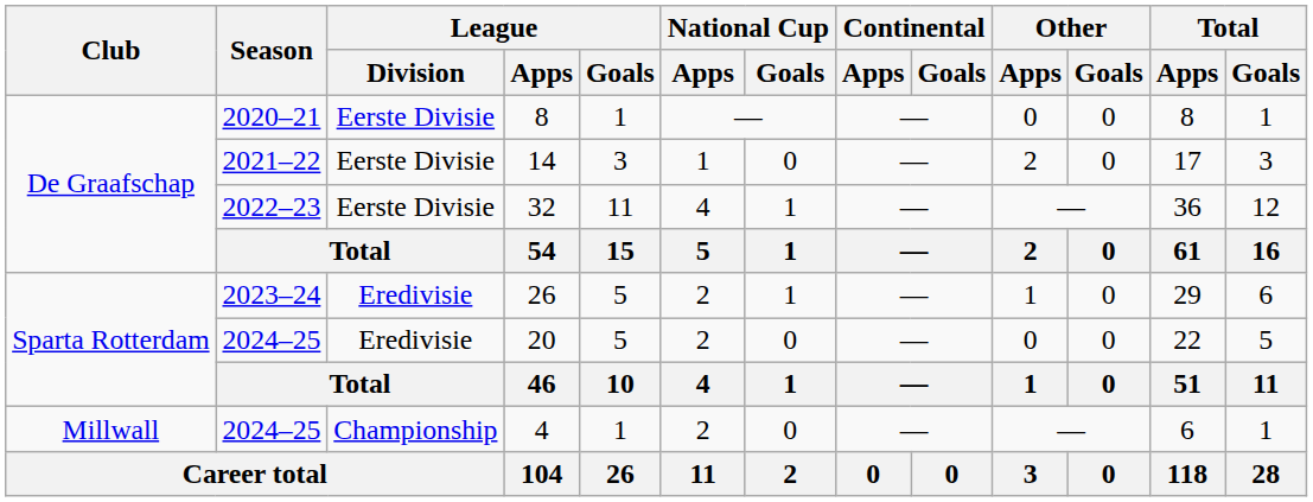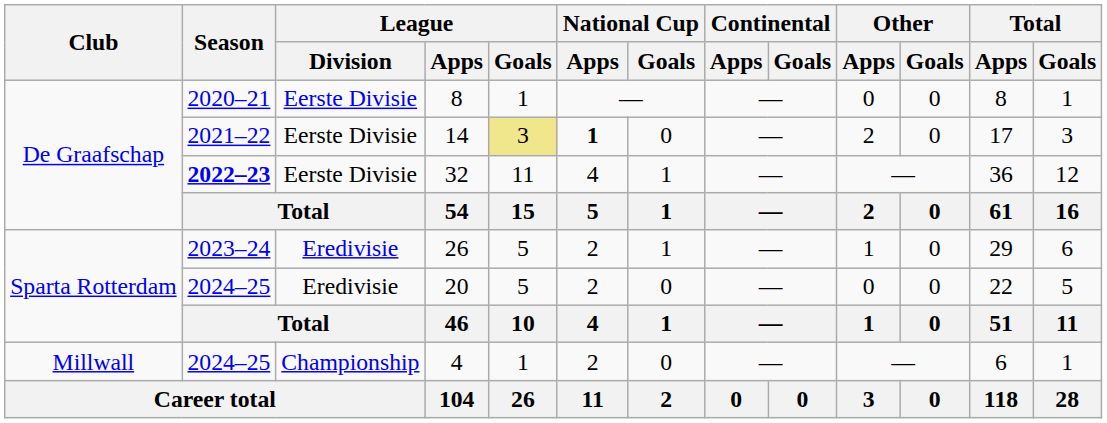 <table class="wikitable" style="text-align: center">
 <tr>
 <th rowspan="2">Club</th>
 <th rowspan="2">Season</th>
 <th colspan="3">League</th>
 <th colspan="2">National Cup</th>
 <th colspan="2">Continental</th>
 <th colspan="2">Other</th>
 <th colspan="2">Total</th>
 </tr>
 <tr>
 <th>Division</th>
 <th>Apps</th>
 <th>Goals</th>
 <th>Apps</th>
 <th>Goals</th>
 <th>Apps</th>
 <th>Goals</th>
 <th>Apps</th>
 <th>Goals</th>
 <th>Apps</th>
 <th>Goals</th>
 </tr>
 <tr>
 <td rowspan="4"><a href='#'>De Graafschap</a></td>
 <td><a href='#'>2020–21</a></td>
 <td><a href='#'>Eerste Divisie</a></td>
 <td>8</td>
 <td>1</td>
 <td colspan="2">—</td>
 <td colspan="2">—</td>
 <td>0</td>
 <td>0</td>
 <td>8</td>
 <td>1</td>
 </tr>
 <tr>
 <td><a href='#'>2021–22</a></td>
 <td>Eerste Divisie</td>
 <td>14</td>
-<td>3</td>
-<td>1</td>
+<td style="background: khaki;">3</td>
+<td><strong>1</strong></td>
 <td>0</td>
 <td colspan="2">—</td>
 <td>2</td>
 <td>0</td>
 <td>17</td>
 <td>3</td>
 </tr>
 <tr>
-<td><a href='#'>2022–23</a></td>
+<td><strong><a href='#'>2022–23</a></strong></td>
 <td>Eerste Divisie</td>
 <td>32</td>
 <td>11</td>
 <td>4</td>
 <td>1</td>
 <td colspan="2">—</td>
 <td colspan="2">—</td>
 <td>36</td>
 <td>12</td>
 </tr>
 <tr>
 <th colspan="2">Total</th>
 <th>54</th>
 <th>15</th>
 <th>5</th>
 <th>1</th>
 <th colspan="2">—</th>
 <th>2</th>
 <th>0</th>
 <th>61</th>
 <th>16</th>
 </tr>
 <tr>
 <td rowspan="3"><a href='#'>Sparta Rotterdam</a></td>
 <td><a href='#'>2023–24</a></td>
 <td><a href='#'>Eredivisie</a></td>
 <td>26</td>
 <td>5</td>
 <td>2</td>
 <td>1</td>
 <td colspan="2">—</td>
 <td>1</td>
 <td>0</td>
 <td>29</td>
 <td>6</td>
 </tr>
 <tr>
 <td><a href='#'>2024–25</a></td>
 <td>Eredivisie</td>
 <td>20</td>
 <td>5</td>
 <td>2</td>
 <td>0</td>
 <td colspan="2">—</td>
 <td>0</td>
 <td>0</td>
 <td>22</td>
 <td>5</td>
 </tr>
 <tr>
 <th colspan="2">Total</th>
 <th>46</th>
 <th>10</th>
 <th>4</th>
 <th>1</th>
 <th colspan="2">—</th>
 <th>1</th>
 <th>0</th>
 <th>51</th>
 <th>11</th>
 </tr>
 <tr>
 <td><a href='#'>Millwall</a></td>
 <td><a href='#'>2024–25</a></td>
 <td><a href='#'>Championship</a></td>
 <td>4</td>
 <td>1</td>
 <td>2</td>
 <td>0</td>
 <td colspan="2">—</td>
 <td colspan="2">—</td>
 <td>6</td>
 <td>1</td>
 </tr>
 <tr>
 <th colspan="3">Career total</th>
 <th>104</th>
 <th>26</th>
 <th>11</th>
 <th>2</th>
 <th>0</th>
 <th>0</th>
 <th>3</th>
 <th>0</th>
 <th>118</th>
 <th>28</th>
 </tr>
 </table>
